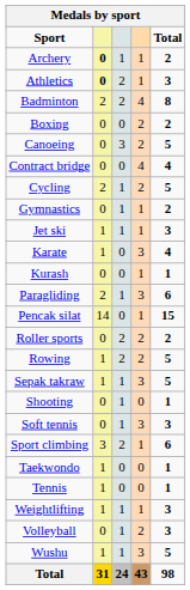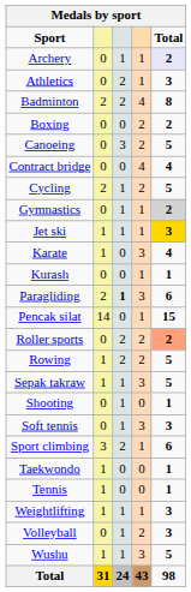 <table class=wikitable style="font-size:85%; float:right;text-align:center">
 <tr bgcolor=EFEFEF>
 <th colspan=7>Medals by sport</th>
 </tr>
 <tr>
 <td><strong>Sport</strong></td>
 <td bgcolor=F7F6A8></td>
 <td bgcolor=DCE5E5></td>
 <td bgcolor=FFDBA9></td>
 <td><strong>Total</strong></td>
 </tr>
 <tr>
 <td><a href='#'>Archery</a></td>
-<td bgcolor=F7F6A8><strong>0</strong></td>
+<td bgcolor=F7F6A8>0</td>
 <td bgcolor=DCE5E5>1</td>
 <td bgcolor=FFDAB9>1</td>
-<td><strong>2</strong></td>
+<td style="background: lavender;"><strong>2</strong></td>
 </tr>
 <tr>
 <td><a href='#'>Athletics</a></td>
-<td bgcolor=F7F6A8><strong>0</strong></td>
+<td bgcolor=F7F6A8>0</td>
 <td bgcolor=DCE5E5>2</td>
 <td bgcolor=FFDAB9>1</td>
 <td><strong>3</strong></td>
 </tr>
 <tr>
 <td><a href='#'>Badminton</a></td>
 <td bgcolor=F7F6A8>2</td>
 <td bgcolor=DCE5E5>2</td>
 <td bgcolor=FFDAB9>4</td>
 <td><strong>8</strong></td>
 </tr>
 <tr>
 <td><a href='#'>Boxing</a></td>
 <td bgcolor=F7F6A8>0</td>
 <td bgcolor=DCE5E5>0</td>
 <td bgcolor=FFDAB9>2</td>
 <td><strong>2</strong></td>
 </tr>
 <tr>
 <td><a href='#'>Canoeing</a></td>
 <td bgcolor=F7F6A8>0</td>
 <td bgcolor=DCE5E5>3</td>
 <td bgcolor=FFDAB9>2</td>
 <td><strong>5</strong></td>
 </tr>
 <tr>
 <td><a href='#'>Contract bridge</a></td>
 <td bgcolor=F7F6A8>0</td>
 <td bgcolor=DCE5E5>0</td>
 <td bgcolor=FFDAB9>4</td>
 <td><strong>4</strong></td>
 </tr>
 <tr>
 <td><a href='#'>Cycling</a></td>
 <td bgcolor=F7F6A8>2</td>
 <td bgcolor=DCE5E5>1</td>
 <td bgcolor=FFDAB9>2</td>
 <td><strong>5</strong></td>
 </tr>
 <tr>
 <td><a href='#'>Gymnastics</a></td>
 <td bgcolor=F7F6A8>0</td>
 <td bgcolor=DCE5E5>1</td>
 <td bgcolor=FFDAB9>1</td>
-<td><strong>2</strong></td>
+<td style="background: lightgrey;"><strong>2</strong></td>
 </tr>
 <tr>
 <td><a href='#'>Jet ski</a></td>
 <td bgcolor=F7F6A8>1</td>
 <td bgcolor=DCE5E5>1</td>
 <td bgcolor=FFDAB9>1</td>
-<td><strong>3</strong></td>
+<td style="background: gold;"><strong>3</strong></td>
 </tr>
 <tr>
 <td><a href='#'>Karate</a></td>
 <td bgcolor=F7F6A8>1</td>
 <td bgcolor=DCE5E5>0</td>
 <td bgcolor=FFDAB9>3</td>
 <td><strong>4</strong></td>
 </tr>
 <tr>
 <td><a href='#'>Kurash</a></td>
 <td bgcolor=F7F6A8>0</td>
 <td bgcolor=DCE5E5>0</td>
 <td bgcolor=FFDAB9>1</td>
 <td><strong>1</strong></td>
 </tr>
 <tr>
 <td><a href='#'>Paragliding</a></td>
 <td bgcolor=F7F6A8>2</td>
-<td bgcolor=DCE5E5>1</td>
+<td bgcolor=DCE5E5><strong>1</strong></td>
 <td bgcolor=FFDAB9>3</td>
 <td><strong>6</strong></td>
 </tr>
 <tr>
 <td><a href='#'>Pencak silat</a></td>
 <td bgcolor=F7F6A8>14</td>
 <td bgcolor=DCE5E5>0</td>
 <td bgcolor=FFDAB9>1</td>
 <td><strong>15</strong></td>
 </tr>
 <tr>
 <td><a href='#'>Roller sports</a></td>
 <td bgcolor=F7F6A8>0</td>
 <td bgcolor=DCE5E5>2</td>
 <td bgcolor=FFDAB9>2</td>
-<td><strong>2</strong></td>
+<td style="background: lightsalmon;"><strong>2</strong></td>
 </tr>
 <tr>
 <td><a href='#'>Rowing</a></td>
 <td bgcolor=F7F6A8>1</td>
 <td bgcolor=DCE5E5>2</td>
 <td bgcolor=FFDAB9>2</td>
 <td><strong>5</strong></td>
 </tr>
 <tr>
 <td><a href='#'>Sepak takraw</a></td>
 <td bgcolor=F7F6A8>1</td>
 <td bgcolor=DCE5E5>1</td>
 <td bgcolor=FFDAB9>3</td>
 <td><strong>5</strong></td>
 </tr>
 <tr>
 <td><a href='#'>Shooting</a></td>
 <td bgcolor=F7F6A8>0</td>
 <td bgcolor=DCE5E5>1</td>
 <td bgcolor=FFDAB9>0</td>
 <td><strong>1</strong></td>
 </tr>
 <tr>
 <td><a href='#'>Soft tennis</a></td>
 <td bgcolor=F7F6A8>0</td>
 <td bgcolor=DCE5E5>1</td>
 <td bgcolor=FFDAB9>3</td>
 <td><strong>3</strong></td>
 </tr>
 <tr>
 <td><a href='#'>Sport climbing</a></td>
 <td bgcolor=F7F6A8>3</td>
 <td bgcolor=DCE5E5>2</td>
 <td bgcolor=FFDAB9>1</td>
 <td><strong>6</strong></td>
 </tr>
 <tr>
 <td><a href='#'>Taekwondo</a></td>
 <td bgcolor=F7F6A8>1</td>
 <td bgcolor=DCE5E5>0</td>
 <td bgcolor=FFDAB9>0</td>
 <td><strong>1</strong></td>
 </tr>
 <tr>
 <td><a href='#'>Tennis</a></td>
 <td bgcolor=F7F6A8>1</td>
 <td bgcolor=DCE5E5>0</td>
 <td bgcolor=FFDAB9>0</td>
 <td><strong>1</strong></td>
 </tr>
 <tr>
 <td><a href='#'>Weightlifting</a></td>
 <td bgcolor=F7F6A8>1</td>
 <td bgcolor=DCE5E5>1</td>
 <td bgcolor=FFDAB9>1</td>
 <td><strong>3</strong></td>
 </tr>
 <tr>
 <td><a href='#'>Volleyball</a></td>
 <td bgcolor=F7F6A8>0</td>
 <td bgcolor=DCE5E5>1</td>
 <td bgcolor=FFDAB9>2</td>
 <td><strong>3</strong></td>
 </tr>
 <tr>
 <td><a href='#'>Wushu</a></td>
 <td bgcolor=F7F6A8>1</td>
 <td bgcolor=DCE5E5>1</td>
 <td bgcolor=FFDAB9>3</td>
 <td><strong>5</strong></td>
 </tr>
 <tr>
 <th>Total</th>
 <td style="background:gold;"><strong>31</strong></td>
 <td style="background:silver;"><strong>24</strong></td>
 <td style="background:#c96;"><strong>43</strong></td>
 <td><strong>98</strong></td>
 </tr>
 </table>
